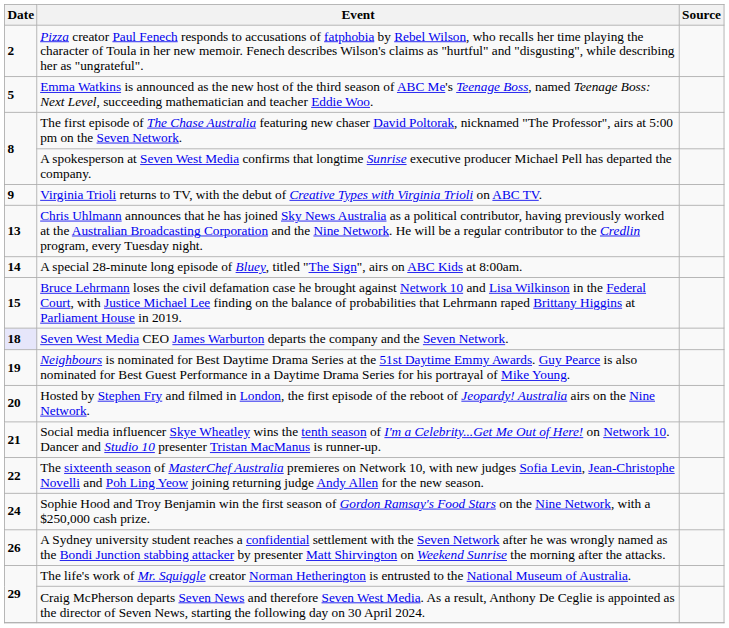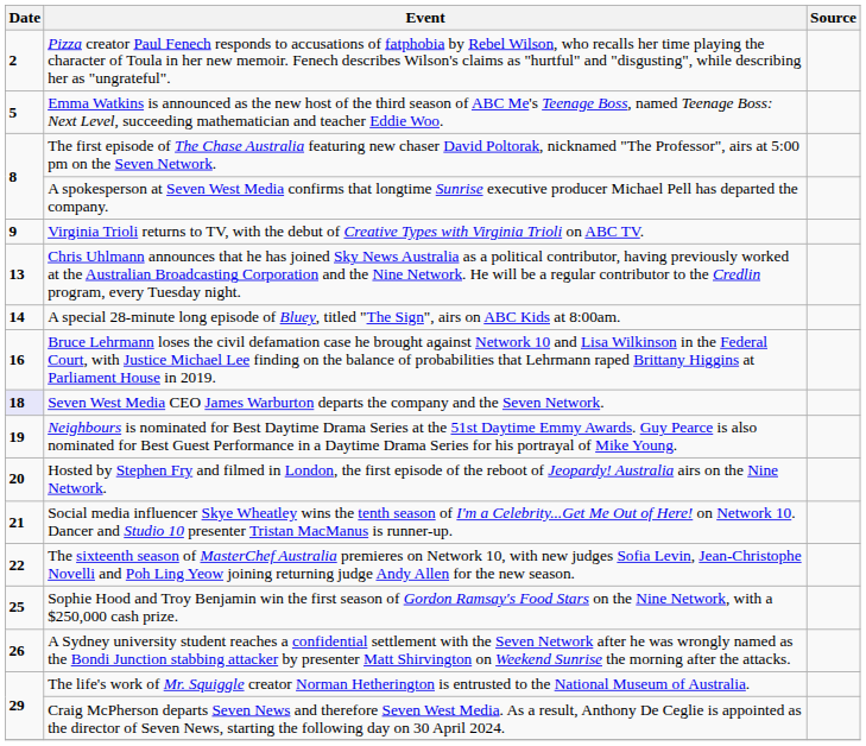 <table class="wikitable">
 <tr>
 <th>Date</th>
 <th>Event</th>
 <th>Source</th>
 </tr>
 <tr>
 <td><strong>2</strong></td>
 <td><em><a href='#'>Pizza</a></em> creator <a href='#'>Paul Fenech</a> responds to accusations of <a href='#'>fatphobia</a> by <a href='#'>Rebel Wilson</a>, who recalls her time playing the character of Toula in her new memoir. Fenech describes Wilson's claims as "hurtful" and "disgusting", while describing her as "ungrateful".</td>
 <td></td>
 </tr>
 <tr>
 <td><strong>5</strong></td>
 <td><a href='#'>Emma Watkins</a> is announced as the new host of the third season of <a href='#'>ABC Me</a>'s <em><a href='#'>Teenage Boss</a></em>, named <em>Teenage Boss: Next Level</em>, succeeding mathematician and teacher <a href='#'>Eddie Woo</a>.</td>
 <td></td>
 </tr>
 <tr>
 <td rowspan=2><strong>8</strong></td>
 <td>The first episode of <em><a href='#'>The Chase Australia</a></em> featuring new chaser <a href='#'>David Poltorak</a>, nicknamed "The Professor", airs at 5:00 pm on the <a href='#'>Seven Network</a>.</td>
 <td></td>
 </tr>
 <tr>
 <td>A spokesperson at <a href='#'>Seven West Media</a> confirms that longtime <em><a href='#'>Sunrise</a></em> executive producer Michael Pell has departed the company.</td>
 <td></td>
 </tr>
 <tr>
 <td><strong>9</strong></td>
 <td><a href='#'>Virginia Trioli</a> returns to TV, with the debut of <em><a href='#'>Creative Types with Virginia Trioli</a></em> on <a href='#'>ABC TV</a>.</td>
 <td></td>
 </tr>
 <tr>
 <td><strong>13</strong></td>
 <td><a href='#'>Chris Uhlmann</a> announces that he has joined <a href='#'>Sky News Australia</a> as a political contributor, having previously worked at the <a href='#'>Australian Broadcasting Corporation</a> and the <a href='#'>Nine Network</a>. He will be a regular contributor to the <em><a href='#'>Credlin</a></em> program, every Tuesday night.</td>
 <td></td>
 </tr>
 <tr>
 <td><strong>14</strong></td>
 <td>A special 28-minute long episode of <em><a href='#'>Bluey</a></em>, titled "<a href='#'>The Sign</a>", airs on <a href='#'>ABC Kids</a> at 8:00am.</td>
 <td></td>
 </tr>
 <tr>
-<td><strong>15</strong></td>
+<td><strong>16</strong></td>
 <td><a href='#'>Bruce Lehrmann</a> loses the civil defamation case he brought against <a href='#'>Network 10</a> and <a href='#'>Lisa Wilkinson</a> in the <a href='#'>Federal Court</a>, with <a href='#'>Justice Michael Lee</a> finding on the balance of probabilities that Lehrmann raped <a href='#'>Brittany Higgins</a> at <a href='#'>Parliament House</a> in 2019.</td>
 <td></td>
 </tr>
 <tr>
 <td style="background: lavender;"><strong>18</strong></td>
 <td><a href='#'>Seven West Media</a> CEO <a href='#'>James Warburton</a> departs the company and the <a href='#'>Seven Network</a>.</td>
 <td></td>
 </tr>
 <tr>
 <td><strong>19</strong></td>
 <td><em><a href='#'>Neighbours</a></em> is nominated for Best Daytime Drama Series at the <a href='#'>51st Daytime Emmy Awards</a>. <a href='#'>Guy Pearce</a> is also nominated for Best Guest Performance in a Daytime Drama Series for his portrayal of <a href='#'>Mike Young</a>.</td>
 <td></td>
 </tr>
 <tr>
 <td><strong>20</strong></td>
 <td>Hosted by <a href='#'>Stephen Fry</a> and filmed in <a href='#'>London</a>, the first episode of the reboot of <em><a href='#'>Jeopardy! Australia</a></em> airs on the <a href='#'>Nine Network</a>.</td>
 <td></td>
 </tr>
 <tr>
 <td><strong>21</strong></td>
 <td>Social media influencer <a href='#'>Skye Wheatley</a> wins the <a href='#'>tenth season</a> of <em><a href='#'>I'm a Celebrity...Get Me Out of Here!</a></em> on <a href='#'>Network 10</a>. Dancer and <em><a href='#'>Studio 10</a></em> presenter <a href='#'>Tristan MacManus</a> is runner-up.</td>
 <td></td>
 </tr>
 <tr>
 <td><strong>22</strong></td>
 <td>The <a href='#'>sixteenth season</a> of <em><a href='#'>MasterChef Australia</a></em> premieres on Network 10, with new judges <a href='#'>Sofia Levin</a>, <a href='#'>Jean-Christophe Novelli</a> and <a href='#'>Poh Ling Yeow</a> joining returning judge <a href='#'>Andy Allen</a> for the new season.</td>
 <td></td>
 </tr>
 <tr>
-<td><strong>24</strong></td>
+<td><strong>25</strong></td>
 <td>Sophie Hood and Troy Benjamin win the first season of <em><a href='#'>Gordon Ramsay's Food Stars</a></em> on the <a href='#'>Nine Network</a>, with a $250,000 cash prize.</td>
 <td></td>
 </tr>
 <tr>
 <td><strong>26</strong></td>
 <td>A Sydney university student reaches a <a href='#'>confidential</a> settlement with the <a href='#'>Seven Network</a> after he was wrongly named as the <a href='#'>Bondi Junction stabbing attacker</a> by presenter <a href='#'>Matt Shirvington</a> on <em><a href='#'>Weekend Sunrise</a></em> the morning after the attacks.</td>
 <td></td>
 </tr>
 <tr>
 <td rowspan=2><strong>29</strong></td>
 <td>The life's work of <em><a href='#'>Mr. Squiggle</a></em> creator <a href='#'>Norman Hetherington</a> is entrusted to the <a href='#'>National Museum of Australia</a>.</td>
 <td></td>
 </tr>
 <tr>
 <td>Craig McPherson departs <a href='#'>Seven News</a> and therefore <a href='#'>Seven West Media</a>. As a result, Anthony De Ceglie is appointed as the director of Seven News, starting the following day on 30 April 2024.</td>
 <td></td>
 </tr>
 <tr>
 </tr>
 </table>
